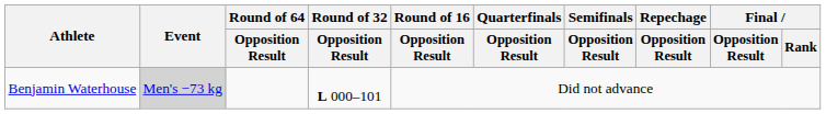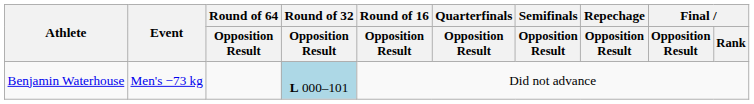 <table class="wikitable" style="font-size:90%">
 <tr>
 <th rowspan="2">Athlete</th>
 <th rowspan="2">Event</th>
 <th>Round of 64</th>
 <th>Round of 32</th>
 <th>Round of 16</th>
 <th>Quarterfinals</th>
 <th>Semifinals</th>
 <th>Repechage</th>
 <th colspan=2>Final / </th>
 </tr>
 <tr style="font-size:95%">
 <th>Opposition<br>Result</th>
 <th>Opposition<br>Result</th>
 <th>Opposition<br>Result</th>
 <th>Opposition<br>Result</th>
 <th>Opposition<br>Result</th>
 <th>Opposition<br>Result</th>
 <th>Opposition<br>Result</th>
 <th>Rank</th>
 </tr>
 <tr align=center>
 <td align=left><a href='#'>Benjamin Waterhouse</a></td>
-<td align=left style="background: lightgrey;"><a href='#'>Men's −73 kg</a></td>
+<td align=left><a href='#'>Men's −73 kg</a></td>
 <td></td>
-<td><br><strong>L</strong> 000–101</td>
+<td style="background: lightblue;"><br><strong>L</strong> 000–101</td>
 <td colspan=6>Did not advance</td>
 </tr>
 </table>
